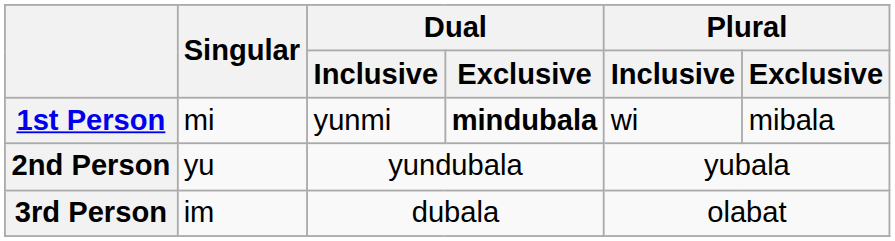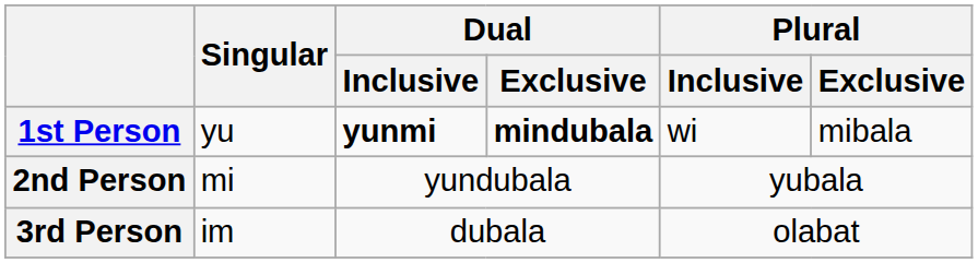 <table class="wikitable">
 <tr>
 <th rowspan="2"></th>
 <th rowspan="2">Singular</th>
 <th colspan="2">Dual</th>
 <th colspan="2">Plural</th>
 </tr>
 <tr>
 <th>Inclusive</th>
 <th>Exclusive</th>
 <th>Inclusive</th>
 <th>Exclusive</th>
 </tr>
 <tr>
 <th><a href='#'>1st Person</a></th>
-<td>mi</td>
-<td>yunmi</td>
+<td>yu</td>
+<td><strong>yunmi</strong></td>
 <td><strong>mindubala</strong></td>
 <td>wi</td>
 <td>mibala</td>
 </tr>
 <tr>
 <th>2nd Person</th>
-<td>yu</td>
+<td>mi</td>
 <td colspan="2" align="center">yundubala</td>
 <td colspan="2" align="center">yubala</td>
 </tr>
 <tr>
 <th>3rd Person</th>
 <td>im</td>
 <td colspan="2" align="center">dubala</td>
 <td colspan="2" align="center">olabat</td>
 </tr>
 </table>
